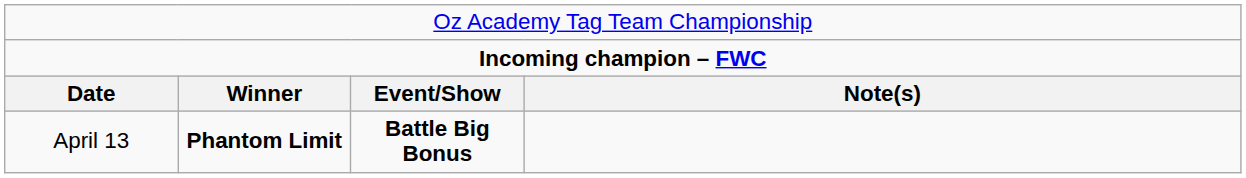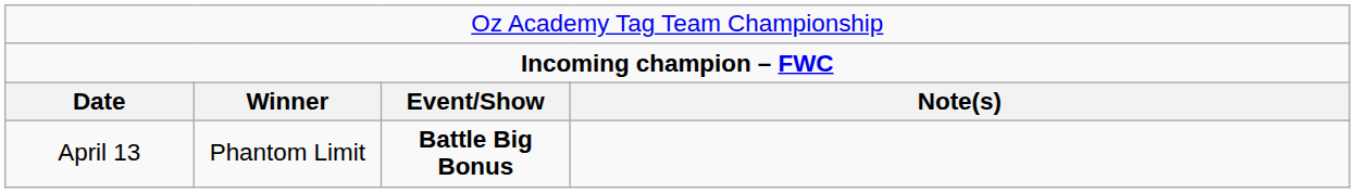 <table class="wikitable" style="text-align:center; width:100%;">
 <tr>
 <td colspan="4" style="text-align: center;"><a href='#'>Oz Academy Tag Team Championship</a></td>
 </tr>
 <tr>
 <td colspan="4" style="text-align: center;"><strong>Incoming champion – <a href='#'>FWC</a> </strong></td>
 </tr>
 <tr>
 <th width=14%>Date</th>
 <th width=14%>Winner</th>
 <th width=14%>Event/Show</th>
 <th width=58%>Note(s)</th>
 </tr>
 <tr>
 <td>April 13</td>
-<td><strong>Phantom Limit<br></strong></td>
+<td>Phantom Limit<br></td>
 <td><strong>Battle Big Bonus</strong></td>
 <td></td>
 </tr>
 </table>
